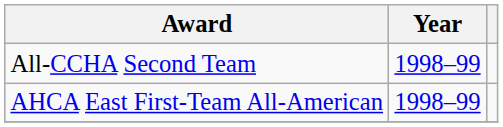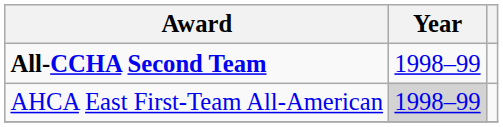 <table class="wikitable">
 <tr>
 <th>Award</th>
 <th>Year</th>
 <th></th>
 </tr>
 <tr>
-<td>All-<a href='#'>CCHA</a> <a href='#'>Second Team</a></td>
+<td><strong>All-<a href='#'>CCHA</a> <a href='#'>Second Team</a></strong></td>
 <td><a href='#'>1998–99</a></td>
 <td></td>
 </tr>
 <tr>
 <td><a href='#'>AHCA</a> <a href='#'>East First-Team All-American</a></td>
-<td><a href='#'>1998–99</a></td>
+<td style="background: lightgrey;"><a href='#'>1998–99</a></td>
 <td></td>
 </tr>
 <tr>
 </tr>
 </table>
